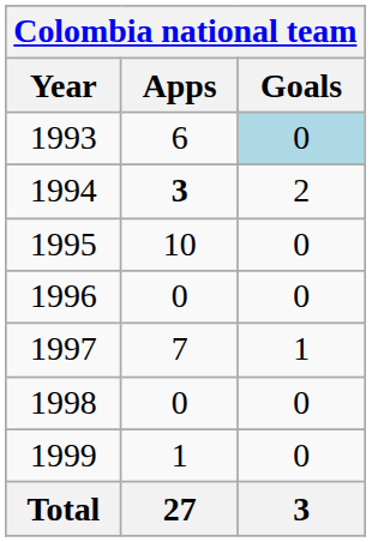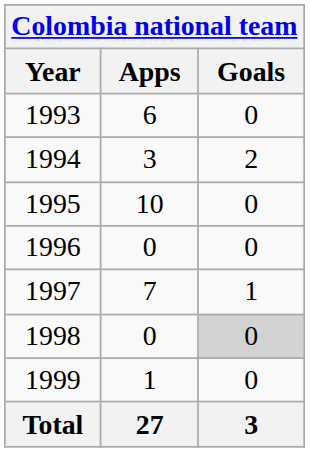 <table class="wikitable" style="text-align:center">
 <tr>
 <th colspan=3><a href='#'>Colombia national team</a></th>
 </tr>
 <tr>
 <th>Year</th>
 <th>Apps</th>
 <th>Goals</th>
 </tr>
 <tr>
 <td>1993</td>
 <td>6</td>
-<td style="background: lightblue;">0</td>
+<td>0</td>
 </tr>
 <tr>
 <td>1994</td>
-<td><strong>3</strong></td>
+<td>3</td>
 <td>2</td>
 </tr>
 <tr>
 <td>1995</td>
 <td>10</td>
 <td>0</td>
 </tr>
 <tr>
 <td>1996</td>
 <td>0</td>
 <td>0</td>
 </tr>
 <tr>
 <td>1997</td>
 <td>7</td>
 <td>1</td>
 </tr>
 <tr>
 <td>1998</td>
 <td>0</td>
-<td>0</td>
+<td style="background: lightgrey;">0</td>
 </tr>
 <tr>
 <td>1999</td>
 <td>1</td>
 <td>0</td>
 </tr>
 <tr>
 <th>Total</th>
 <th>27</th>
 <th>3</th>
 </tr>
 </table>
